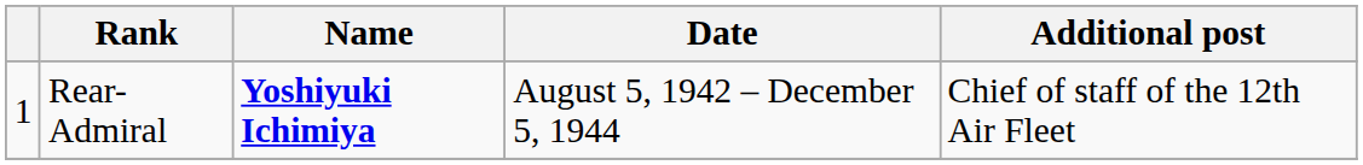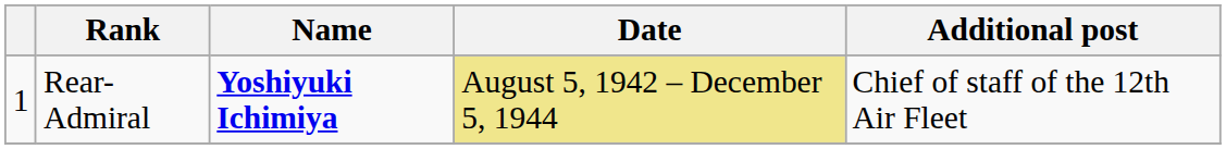 <table class=wikitable>
 <tr>
 <th></th>
 <th>Rank</th>
 <th>Name</th>
 <th>Date</th>
 <th>Additional post</th>
 </tr>
 <tr>
 <td>1</td>
 <td>Rear-Admiral</td>
 <td><strong><a href='#'>Yoshiyuki Ichimiya</a></strong></td>
-<td>August 5, 1942 – December 5, 1944</td>
+<td style="background: khaki;">August 5, 1942 – December 5, 1944</td>
 <td>Chief of staff of the 12th Air Fleet</td>
 </tr>
 <tr>
 </tr>
 </table>
